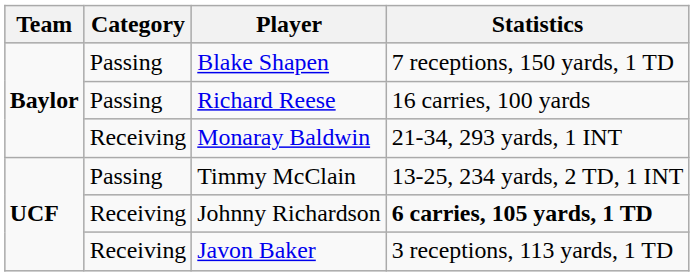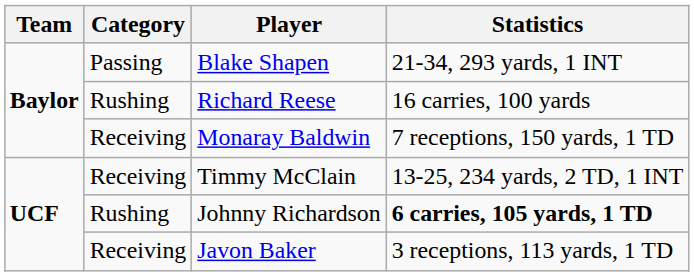 <table class="wikitable" style="float: right;">
 <tr>
 <th>Team</th>
 <th>Category</th>
 <th>Player</th>
 <th>Statistics</th>
 </tr>
 <tr>
 <td rowspan=3><strong>Baylor</strong></td>
 <td>Passing</td>
 <td><a href='#'>Blake Shapen</a></td>
-<td>7 receptions, 150 yards, 1 TD</td>
+<td>21-34, 293 yards, 1 INT</td>
 </tr>
 <tr>
-<td>Passing</td>
+<td>Rushing</td>
 <td><a href='#'>Richard Reese</a></td>
 <td>16 carries, 100 yards</td>
 </tr>
 <tr>
 <td>Receiving</td>
 <td><a href='#'>Monaray Baldwin</a></td>
-<td>21-34, 293 yards, 1 INT</td>
+<td>7 receptions, 150 yards, 1 TD</td>
 </tr>
 <tr>
 <td rowspan=3><strong>UCF</strong></td>
-<td>Passing</td>
+<td>Receiving</td>
 <td>Timmy McClain</td>
 <td>13-25, 234 yards, 2 TD, 1 INT</td>
 </tr>
 <tr>
-<td>Receiving</td>
+<td>Rushing</td>
 <td>Johnny Richardson</td>
 <td><strong>6 carries, 105 yards, 1 TD</strong></td>
 </tr>
 <tr>
 <td>Receiving</td>
 <td><a href='#'>Javon Baker</a></td>
 <td>3 receptions, 113 yards, 1 TD</td>
 </tr>
 </table>
